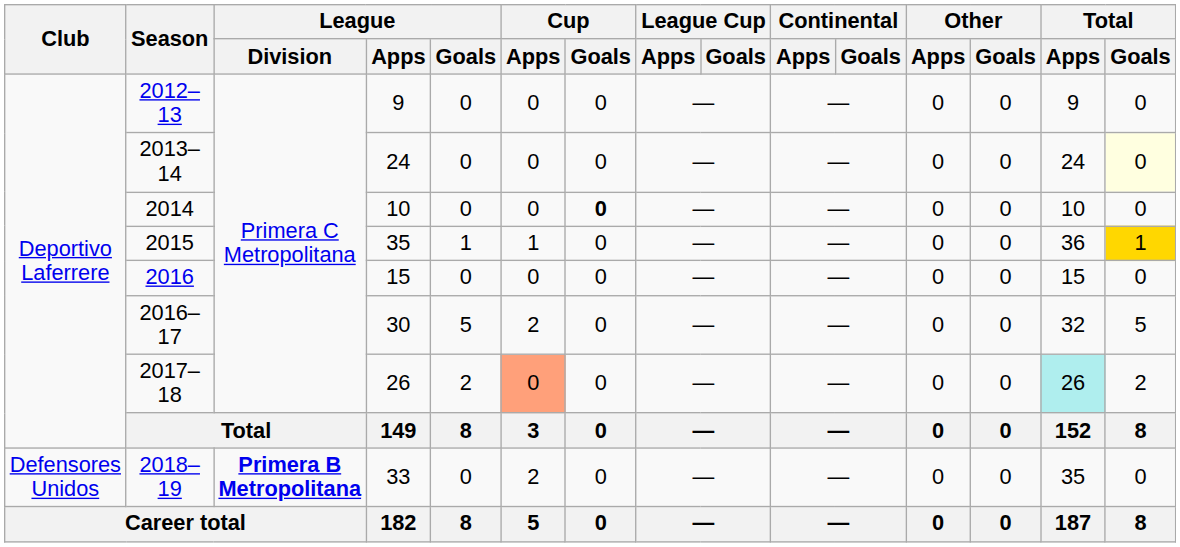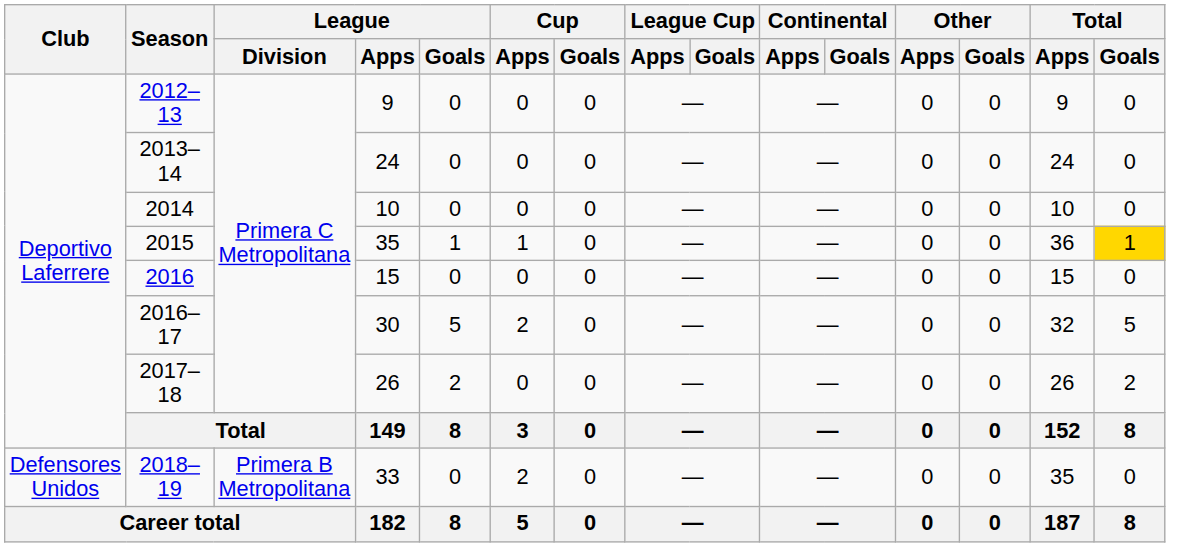 <table class="wikitable" style="text-align:center">
 <tr>
 <th rowspan="2">Club</th>
 <th rowspan="2">Season</th>
 <th colspan="3">League</th>
 <th colspan="2">Cup</th>
 <th colspan="2">League Cup</th>
 <th colspan="2">Continental</th>
 <th colspan="2">Other</th>
 <th colspan="2">Total</th>
 </tr>
 <tr>
 <th>Division</th>
 <th>Apps</th>
 <th>Goals</th>
 <th>Apps</th>
 <th>Goals</th>
 <th>Apps</th>
 <th>Goals</th>
 <th>Apps</th>
 <th>Goals</th>
 <th>Apps</th>
 <th>Goals</th>
 <th>Apps</th>
 <th>Goals</th>
 </tr>
 <tr>
 <td rowspan="8"><a href='#'>Deportivo Laferrere</a></td>
 <td><a href='#'>2012–13</a></td>
 <td rowspan="7"><a href='#'>Primera C Metropolitana</a></td>
 <td>9</td>
 <td>0</td>
 <td>0</td>
 <td>0</td>
 <td colspan="2">—</td>
 <td colspan="2">—</td>
 <td>0</td>
 <td>0</td>
 <td>9</td>
 <td>0</td>
 </tr>
 <tr>
 <td>2013–14</td>
 <td>24</td>
 <td>0</td>
 <td>0</td>
 <td>0</td>
 <td colspan="2">—</td>
 <td colspan="2">—</td>
 <td>0</td>
 <td>0</td>
 <td>24</td>
-<td style="background: lightyellow;">0</td>
+<td>0</td>
 </tr>
 <tr>
 <td>2014</td>
 <td>10</td>
 <td>0</td>
 <td>0</td>
-<td><strong>0</strong></td>
+<td>0</td>
 <td colspan="2">—</td>
 <td colspan="2">—</td>
 <td>0</td>
 <td>0</td>
 <td>10</td>
 <td>0</td>
 </tr>
 <tr>
 <td>2015</td>
 <td>35</td>
 <td>1</td>
 <td>1</td>
 <td>0</td>
 <td colspan="2">—</td>
 <td colspan="2">—</td>
 <td>0</td>
 <td>0</td>
 <td>36</td>
 <td style="background: gold;">1</td>
 </tr>
 <tr>
 <td><a href='#'>2016</a></td>
 <td>15</td>
 <td>0</td>
 <td>0</td>
 <td>0</td>
 <td colspan="2">—</td>
 <td colspan="2">—</td>
 <td>0</td>
 <td>0</td>
 <td>15</td>
 <td>0</td>
 </tr>
 <tr>
 <td>2016–17</td>
 <td>30</td>
 <td>5</td>
 <td>2</td>
 <td>0</td>
 <td colspan="2">—</td>
 <td colspan="2">—</td>
 <td>0</td>
 <td>0</td>
 <td>32</td>
 <td>5</td>
 </tr>
 <tr>
 <td>2017–18</td>
 <td>26</td>
 <td>2</td>
-<td style="background: lightsalmon;">0</td>
+<td>0</td>
 <td>0</td>
 <td colspan="2">—</td>
 <td colspan="2">—</td>
 <td>0</td>
 <td>0</td>
-<td style="background: paleturquoise;">26</td>
+<td>26</td>
 <td>2</td>
 </tr>
 <tr>
 <th colspan="2">Total</th>
 <th>149</th>
 <th>8</th>
 <th>3</th>
 <th>0</th>
 <th colspan="2">—</th>
 <th colspan="2">—</th>
 <th>0</th>
 <th>0</th>
 <th>152</th>
 <th>8</th>
 </tr>
 <tr>
 <td rowspan="1"><a href='#'>Defensores Unidos</a></td>
 <td><a href='#'>2018–19</a></td>
-<td rowspan="1"><strong><a href='#'>Primera B Metropolitana</a></strong></td>
+<td rowspan="1"><a href='#'>Primera B Metropolitana</a></td>
 <td>33</td>
 <td>0</td>
 <td>2</td>
 <td>0</td>
 <td colspan="2">—</td>
 <td colspan="2">—</td>
 <td>0</td>
 <td>0</td>
 <td>35</td>
 <td>0</td>
 </tr>
 <tr>
 <th colspan="3">Career total</th>
 <th>182</th>
 <th>8</th>
 <th>5</th>
 <th>0</th>
 <th colspan="2">—</th>
 <th colspan="2">—</th>
 <th>0</th>
 <th>0</th>
 <th>187</th>
 <th>8</th>
 </tr>
 </table>
